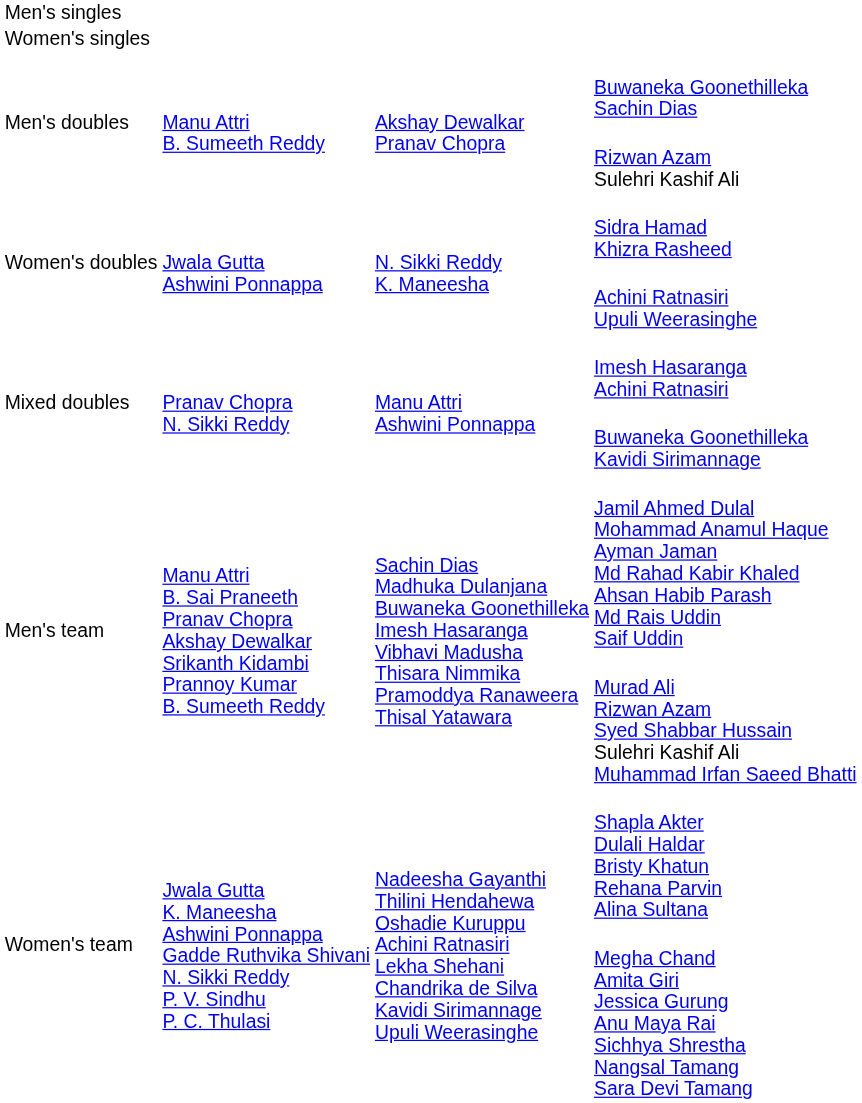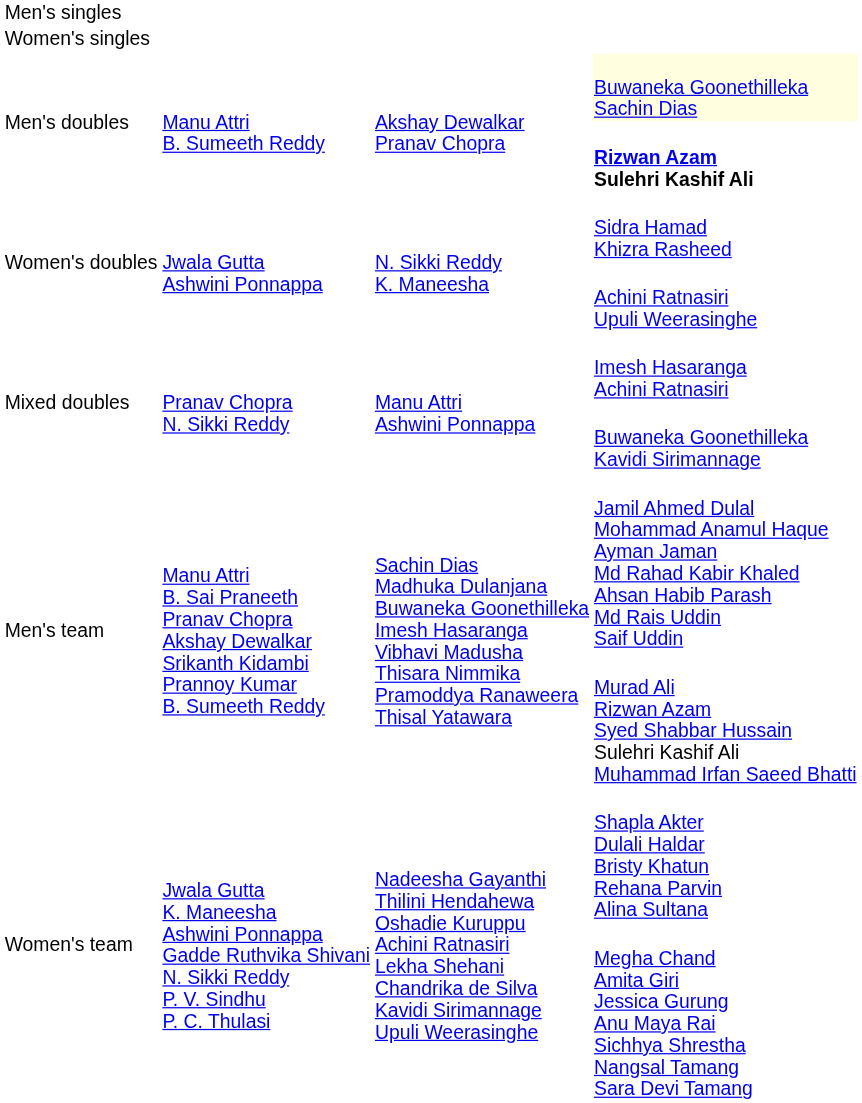 <table>
 <tr>
 <td rowspan=2>Men's singles</td>
 <td rowspan=2></td>
 <td rowspan=2></td>
 <td></td>
 </tr>
 <tr>
 <td></td>
 </tr>
 <tr>
 <td rowspan=2>Women's singles</td>
 <td rowspan=2></td>
 <td rowspan=2></td>
 <td></td>
 </tr>
 <tr>
 <td></td>
 </tr>
 <tr>
 <td rowspan=2>Men's doubles</td>
 <td rowspan=2><br><a href='#'>Manu Attri</a><br><a href='#'>B. Sumeeth Reddy</a></td>
 <td rowspan=2><br><a href='#'>Akshay Dewalkar</a><br><a href='#'>Pranav Chopra</a></td>
-<td><br><a href='#'>Buwaneka Goonethilleka</a><br><a href='#'>Sachin Dias</a></td>
+<td style="background: lightyellow;"><br><a href='#'>Buwaneka Goonethilleka</a><br><a href='#'>Sachin Dias</a></td>
 </tr>
 <tr>
-<td><br><a href='#'>Rizwan Azam</a><br>Sulehri Kashif Ali</td>
+<td><strong><br><a href='#'>Rizwan Azam</a><br>Sulehri Kashif Ali</strong></td>
 </tr>
 <tr>
 <td rowspan=2>Women's doubles</td>
 <td rowspan=2><br><a href='#'>Jwala Gutta</a><br><a href='#'>Ashwini Ponnappa</a></td>
 <td rowspan=2><br><a href='#'>N. Sikki Reddy</a><br><a href='#'>K. Maneesha</a></td>
 <td><br><a href='#'>Sidra Hamad</a><br><a href='#'>Khizra Rasheed</a></td>
 </tr>
 <tr>
 <td><br><a href='#'>Achini Ratnasiri</a><br><a href='#'>Upuli Weerasinghe</a></td>
 </tr>
 <tr>
 <td rowspan=2>Mixed doubles</td>
 <td rowspan=2><br><a href='#'>Pranav Chopra</a><br><a href='#'>N. Sikki Reddy</a></td>
 <td rowspan=2><br><a href='#'>Manu Attri</a><br><a href='#'>Ashwini Ponnappa</a></td>
 <td><br><a href='#'>Imesh Hasaranga</a><br><a href='#'>Achini Ratnasiri</a></td>
 </tr>
 <tr>
 <td><br><a href='#'>Buwaneka Goonethilleka</a><br><a href='#'>Kavidi Sirimannage</a></td>
 </tr>
 <tr>
 <td rowspan=2>Men's team<br></td>
 <td rowspan=2><br><a href='#'>Manu Attri</a><br><a href='#'>B. Sai Praneeth</a><br><a href='#'>Pranav Chopra</a><br><a href='#'>Akshay Dewalkar</a><br><a href='#'>Srikanth Kidambi</a><br><a href='#'>Prannoy Kumar</a><br><a href='#'>B. Sumeeth Reddy</a></td>
 <td rowspan=2><br><a href='#'>Sachin Dias</a><br><a href='#'>Madhuka Dulanjana</a><br><a href='#'>Buwaneka Goonethilleka</a><br><a href='#'>Imesh Hasaranga</a><br><a href='#'>Vibhavi Madusha</a><br><a href='#'>Thisara Nimmika</a><br><a href='#'>Pramoddya Ranaweera</a><br><a href='#'>Thisal Yatawara</a></td>
 <td><br><a href='#'>Jamil Ahmed Dulal</a><br><a href='#'>Mohammad Anamul Haque</a><br><a href='#'>Ayman Jaman</a><br><a href='#'>Md Rahad Kabir Khaled</a><br><a href='#'>Ahsan Habib Parash</a><br><a href='#'>Md Rais Uddin</a><br><a href='#'>Saif Uddin</a></td>
 </tr>
 <tr>
 <td><br><a href='#'>Murad Ali</a><br><a href='#'>Rizwan Azam</a><br><a href='#'>Syed Shabbar Hussain</a><br>Sulehri Kashif Ali<br><a href='#'>Muhammad Irfan Saeed Bhatti</a></td>
 </tr>
 <tr>
 <td rowspan=2>Women's team<br></td>
 <td rowspan=2><br><a href='#'>Jwala Gutta</a><br><a href='#'>K. Maneesha</a><br><a href='#'>Ashwini Ponnappa</a><br><a href='#'>Gadde Ruthvika Shivani</a><br><a href='#'>N. Sikki Reddy</a><br><a href='#'>P. V. Sindhu</a><br><a href='#'>P. C. Thulasi</a></td>
 <td rowspan=2><br><a href='#'>Nadeesha Gayanthi</a><br><a href='#'>Thilini Hendahewa</a><br><a href='#'>Oshadie Kuruppu</a><br><a href='#'>Achini Ratnasiri</a><br><a href='#'>Lekha Shehani</a><br><a href='#'>Chandrika de Silva</a><br><a href='#'>Kavidi Sirimannage</a><br><a href='#'>Upuli Weerasinghe</a></td>
 <td><br><a href='#'>Shapla Akter</a><br><a href='#'>Dulali Haldar</a><br><a href='#'>Bristy Khatun</a><br><a href='#'>Rehana Parvin</a><br><a href='#'>Alina Sultana</a></td>
 </tr>
 <tr>
 <td><br><a href='#'>Megha Chand</a><br><a href='#'>Amita Giri</a><br><a href='#'>Jessica Gurung</a><br><a href='#'>Anu Maya Rai</a><br><a href='#'>Sichhya Shrestha</a><br><a href='#'>Nangsal Tamang</a><br><a href='#'>Sara Devi Tamang</a></td>
 </tr>
 </table>
